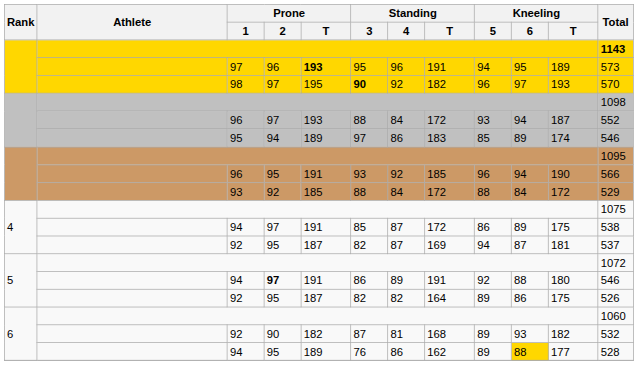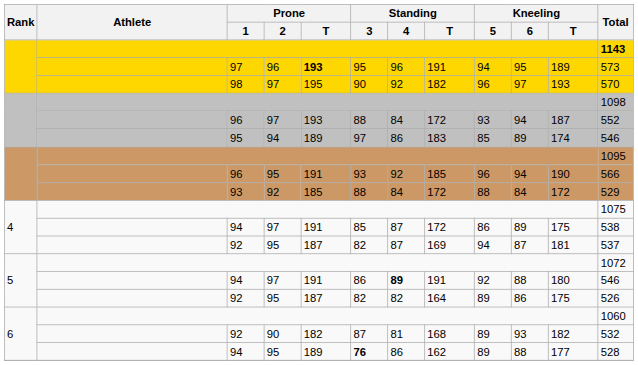 <table class="wikitable" style="font-size:95%" style="width:35em;" style="text-align:center">
 <tr>
 <th rowspan=2>Rank</th>
 <th rowspan=2 width=250>Athlete</th>
 <th colspan=3 width=160>Prone</th>
 <th colspan=3 width=160>Standing</th>
 <th colspan=3 width=160>Kneeling</th>
 <th rowspan=2 width=40>Total</th>
 </tr>
 <tr>
 <th>1</th>
 <th>2</th>
 <th>T</th>
 <th>3</th>
 <th>4</th>
 <th>T</th>
 <th>5</th>
 <th>6</th>
 <th>T</th>
 </tr>
 <tr bgcolor=gold>
 <td rowspan=3></td>
 <td colspan=10 align=left></td>
 <td><strong>1143</strong></td>
 </tr>
 <tr bgcolor=gold>
 <td align=left></td>
 <td>97</td>
 <td>96</td>
 <td><strong>193<em></td>
 <td>95</td>
 <td>96</td>
 <td></strong>191<strong></td>
 <td>94</td>
 <td>95</td>
 <td></strong>189<strong></td>
 <td></strong>573<strong></td>
 </tr>
 <tr bgcolor=gold>
 <td align=left></td>
 <td>98</td>
 <td>97</td>
 <td></strong>195<strong></td>
-<td><strong>90</strong></td>
+<td>90</td>
 <td>92</td>
 <td></strong>182<strong></td>
 <td>96</td>
 <td>97</td>
 <td></strong>193<strong></td>
 <td></strong>570<strong></td>
 </tr>
 <tr bgcolor=silver>
 <td rowspan=3></td>
 <td colspan=10 align=left></td>
 <td></strong>1098<strong></td>
 </tr>
 <tr bgcolor=silver>
 <td align=left></td>
 <td>96</td>
 <td>97</td>
 <td></strong>193<strong></td>
 <td>88</td>
 <td>84</td>
 <td></strong>172<strong></td>
 <td>93</td>
 <td>94</td>
 <td></strong>187<strong></td>
 <td></strong>552<strong></td>
 </tr>
 <tr bgcolor=silver>
 <td align=left></td>
 <td>95</td>
 <td>94</td>
 <td></strong>189<strong></td>
 <td>97</td>
 <td>86</td>
 <td></strong>183<strong></td>
 <td>85</td>
 <td>89</td>
 <td></strong>174<strong></td>
 <td></strong>546<strong></td>
 </tr>
 <tr bgcolor=cc9966>
 <td rowspan=3></td>
 <td colspan=10 align=left></td>
 <td></strong>1095<strong></td>
 </tr>
 <tr bgcolor=cc9966>
 <td align=left></td>
 <td>96</td>
 <td>95</td>
 <td></strong>191<strong></td>
 <td>93</td>
 <td>92</td>
 <td></strong>185<strong></td>
 <td>96</td>
 <td>94</td>
 <td></strong>190<strong></td>
 <td></strong>566<strong></td>
 </tr>
 <tr bgcolor=cc9966>
 <td align=left></td>
 <td>93</td>
 <td>92</td>
 <td></strong>185<strong></td>
 <td>88</td>
 <td>84</td>
 <td></strong>172<strong></td>
 <td>88</td>
 <td>84</td>
 <td></strong>172<strong></td>
 <td></strong>529<strong></td>
 </tr>
 <tr>
 <td rowspan=3>4</td>
 <td colspan=10 align=left></td>
 <td></strong>1075<strong></td>
 </tr>
 <tr>
 <td align=left></td>
 <td>94</td>
 <td>97</td>
 <td></strong>191<strong></td>
 <td>85</td>
 <td>87</td>
 <td></strong>172<strong></td>
 <td>86</td>
 <td>89</td>
 <td></strong>175<strong></td>
 <td></strong>538<strong></td>
 </tr>
 <tr>
 <td align=left></td>
 <td>92</td>
 <td>95</td>
 <td></strong>187<strong></td>
 <td>82</td>
 <td>87</td>
 <td></strong>169<strong></td>
 <td>94</td>
 <td>87</td>
 <td></strong>181<strong></td>
 <td></strong>537<strong></td>
 </tr>
 <tr>
 <td rowspan=3>5</td>
 <td colspan=10 align=left></td>
 <td></strong>1072<strong></td>
 </tr>
 <tr>
 <td align=left></td>
 <td>94</td>
-<td><strong>97</strong></td>
+<td>97</td>
 <td></strong>191<strong></td>
 <td>86</td>
-<td>89</td>
+<td><strong>89</strong></td>
 <td></strong>191<strong></td>
 <td>92</td>
 <td>88</td>
 <td></strong>180<strong></td>
 <td></strong>546<strong></td>
 </tr>
 <tr>
 <td align=left></td>
 <td>92</td>
 <td>95</td>
 <td></strong>187<strong></td>
 <td>82</td>
 <td>82</td>
 <td></strong>164<strong></td>
 <td>89</td>
 <td>86</td>
 <td></strong>175<strong></td>
 <td></strong>526<strong></td>
 </tr>
 <tr>
 <td rowspan=3>6</td>
 <td colspan=10 align=left></td>
 <td></strong>1060<strong></td>
 </tr>
 <tr>
 <td align=left></td>
 <td>92</td>
 <td>90</td>
 <td></strong>182<strong></td>
 <td>87</td>
 <td>81</td>
 <td></strong>168<strong></td>
 <td>89</td>
 <td>93</td>
 <td></strong>182<strong></td>
 <td></strong>532<strong></td>
 </tr>
 <tr>
 <td align=left></td>
 <td>94</td>
 <td>95</td>
 <td></strong>189<strong></td>
-<td>76</td>
+<td><strong>76</strong></td>
 <td>86</td>
 <td></strong>162<strong></td>
 <td>89</td>
-<td style="background: gold;">88</td>
+<td>88</td>
 <td></strong>177<strong></td>
 <td></strong>528<strong></td>
 </tr>
 <tr>
 </tr>
 </table>
